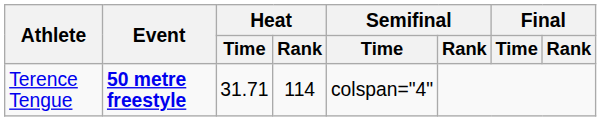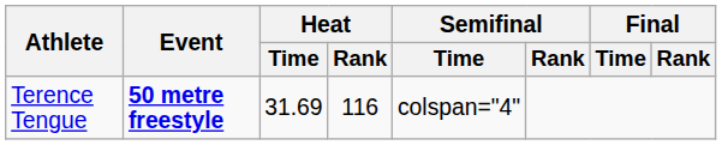 <table class="wikitable" style="text-align:center; font-size:90%; width:50%;">
 <tr>
 <th rowspan="2">Athlete</th>
 <th rowspan="2">Event</th>
 <th colspan="2">Heat</th>
 <th colspan="2">Semifinal</th>
 <th colspan="2">Final</th>
 </tr>
 <tr style="font-size:95%">
 <th>Time</th>
 <th>Rank</th>
 <th>Time</th>
 <th>Rank</th>
 <th>Time</th>
 <th>Rank</th>
 </tr>
 <tr align=center>
 <td align=left><a href='#'>Terence Tengue</a></td>
 <td align=left><strong><a href='#'>50 metre freestyle</a></strong></td>
-<td>31.71</td>
-<td>114</td>
+<td>31.69</td>
+<td>116</td>
 <td>colspan="4" </td>
 </tr>
 </table>
